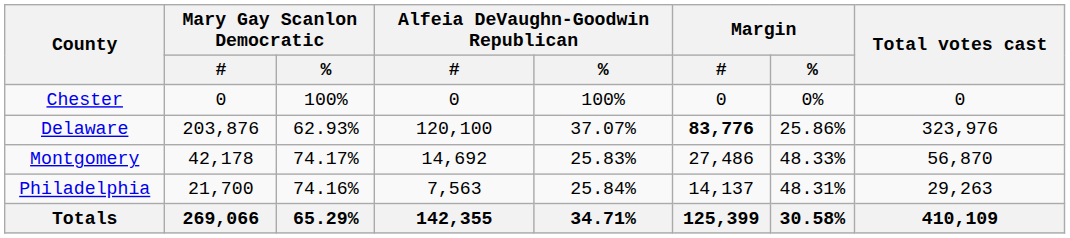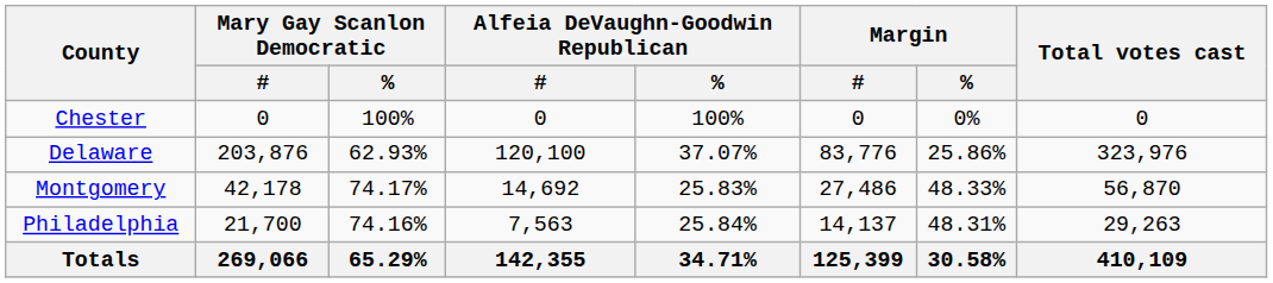 <table width="60%"  class="wikitable sortable" style="text-align:center">
 <tr>
 <th rowspan="2">County</th>
 <th style="text-align:center;" colspan="2">Mary Gay Scanlon<br>Democratic</th>
 <th style="text-align:center;" colspan="2">Alfeia DeVaughn-Goodwin<br>Republican</th>
 <th style="text-align:center;" colspan="2">Margin</th>
 <th rowspan="2" style="text-align:center;">Total votes cast</th>
 </tr>
 <tr>
 <th style="text-align:center;" data-sort-type="number">#</th>
 <th style="text-align:center;" data-sort-type="number">%</th>
 <th style="text-align:center;" data-sort-type="number">#</th>
 <th style="text-align:center;" data-sort-type="number">%</th>
 <th style="text-align:center;" data-sort-type="number">#</th>
 <th style="text-align:center;" data-sort-type="number">%</th>
 </tr>
 <tr style="text-align:center;">
 <td><a href='#'>Chester</a></td>
 <td>0</td>
 <td>100%</td>
 <td>0</td>
 <td>100%</td>
 <td>0</td>
 <td>0%</td>
 <td>0</td>
 </tr>
 <tr style="text-align:center;">
 <td><a href='#'>Delaware</a></td>
 <td>203,876</td>
 <td>62.93%</td>
 <td>120,100</td>
 <td>37.07%</td>
-<td><strong>83,776</strong></td>
+<td>83,776</td>
 <td>25.86%</td>
 <td>323,976</td>
 </tr>
 <tr style="text-align:center;">
 <td><a href='#'>Montgomery</a></td>
 <td>42,178</td>
 <td>74.17%</td>
 <td>14,692</td>
 <td>25.83%</td>
 <td>27,486</td>
 <td>48.33%</td>
 <td>56,870</td>
 </tr>
 <tr style="text-align:center;">
 <td><a href='#'>Philadelphia</a></td>
 <td>21,700</td>
 <td>74.16%</td>
 <td>7,563</td>
 <td>25.84%</td>
 <td>14,137</td>
 <td>48.31%</td>
 <td>29,263</td>
 </tr>
 <tr style="text-align:center;">
 <th>Totals</th>
 <th>269,066</th>
 <th>65.29%</th>
 <th>142,355</th>
 <th>34.71%</th>
 <th>125,399</th>
 <th>30.58%</th>
 <th>410,109</th>
 </tr>
 </table>
